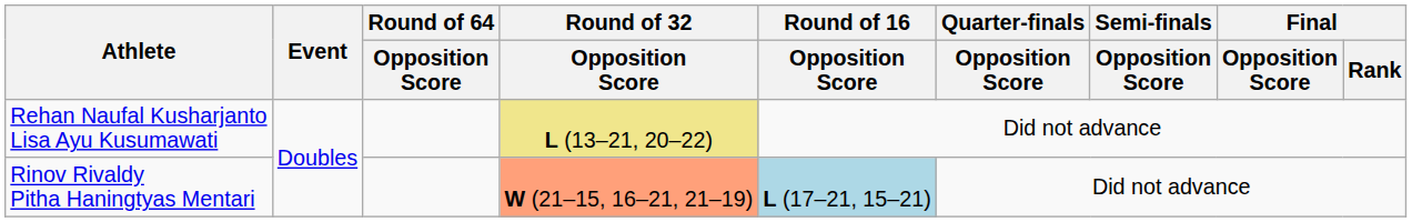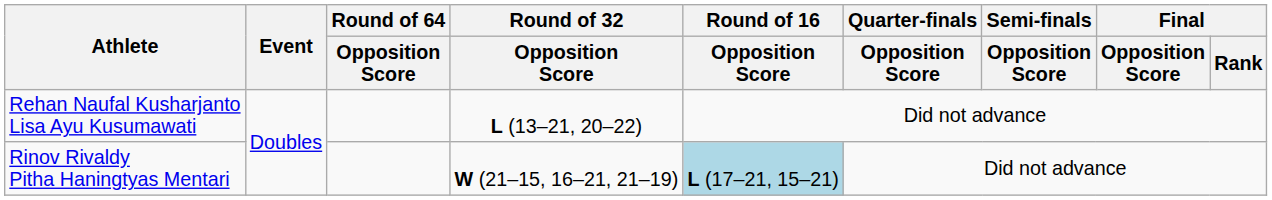 <table class=wikitable style="text-align:center; font-size:90%">
 <tr>
 <th rowspan="2">Athlete</th>
 <th rowspan="2">Event</th>
 <th>Round of 64</th>
 <th>Round of 32</th>
 <th>Round of 16</th>
 <th>Quarter-finals</th>
 <th>Semi-finals</th>
 <th colspan="2">Final</th>
 </tr>
 <tr>
 <th>Opposition<br>Score</th>
 <th>Opposition<br>Score</th>
 <th>Opposition<br>Score</th>
 <th>Opposition<br>Score</th>
 <th>Opposition<br>Score</th>
 <th>Opposition<br>Score</th>
 <th>Rank</th>
 </tr>
 <tr>
 <td align="left"><a href='#'>Rehan Naufal Kusharjanto</a><br><a href='#'>Lisa Ayu Kusumawati</a></td>
 <td rowspan="2"><a href='#'>Doubles</a></td>
 <td></td>
-<td style="background: khaki;"><br><strong>L</strong> (13–21, 20–22)</td>
+<td><br><strong>L</strong> (13–21, 20–22)</td>
 <td colspan="5">Did not advance</td>
 </tr>
 <tr>
 <td align="left"><a href='#'>Rinov Rivaldy</a><br><a href='#'>Pitha Haningtyas Mentari</a></td>
 <td></td>
-<td style="background: lightsalmon;"><br><strong>W</strong> (21–15, 16–21, 21–19)</td>
+<td><br><strong>W</strong> (21–15, 16–21, 21–19)</td>
 <td style="background: lightblue;"><br><strong>L</strong> (17–21, 15–21)</td>
 <td colspan="4">Did not advance</td>
 </tr>
 </table>
